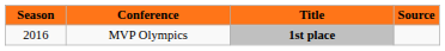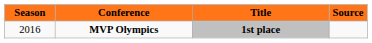 <table class="wikitable">
 <tr>
 <th width=70px style="background: #FF7518; color: black; text-align: center"><strong>Season</strong></th>
 <th width=200px style="background: #FF7518; color: black; text-align: center"><strong>Conference</strong></th>
 <th width=200px style="background: #FF7518; color: black"><strong>Title</strong></th>
 <th width=50px style="background: #FF7518; color: black; text-align: center"><strong>Source</strong></th>
 </tr>
 <tr align=center>
 <td rowspan=2>2016</td>
-<td>MVP Olympics</td>
+<td><strong>MVP Olympics</strong></td>
 <td style="background:silver;"><strong>1st place</strong></td>
 <td></td>
 </tr>
 </table>
